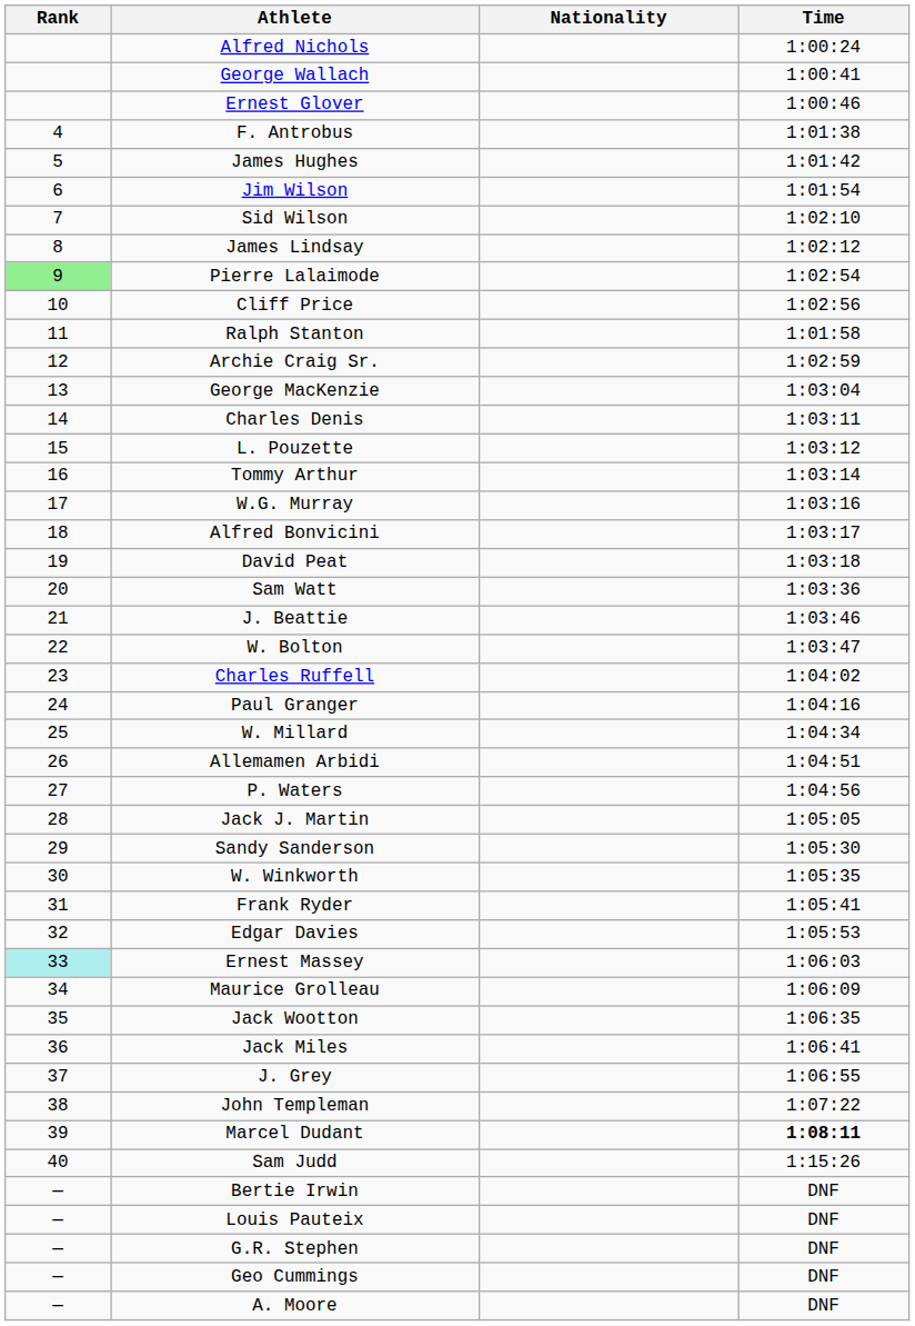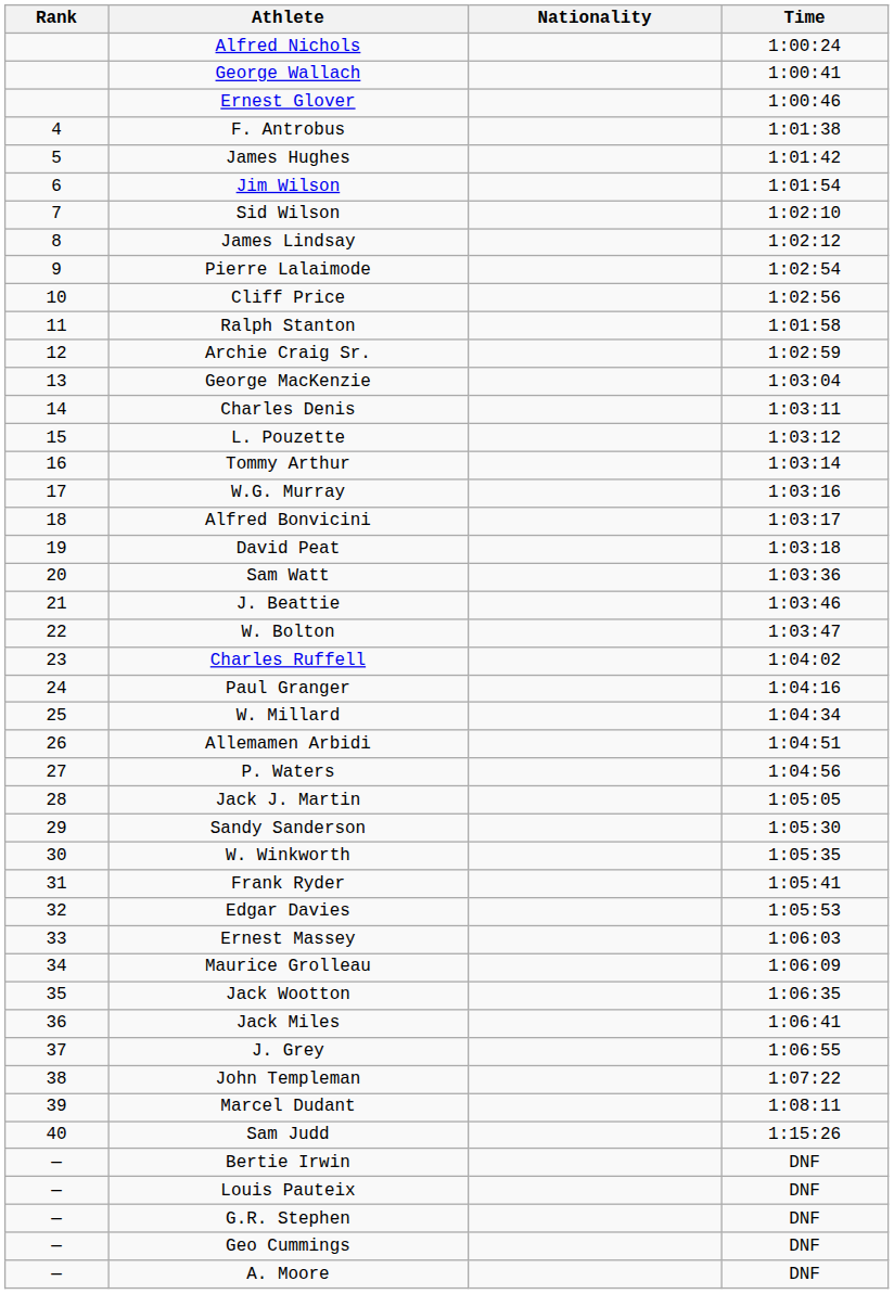 <table class="wikitable sortable" style=" text-align:center; font-size:95%;" width="50%">
 <tr>
 <th>Rank</th>
 <th>Athlete</th>
 <th>Nationality</th>
 <th>Time</th>
 </tr>
 <tr>
 <td align=center></td>
 <td><a href='#'>Alfred Nichols</a></td>
 <td></td>
 <td>1:00:24</td>
 </tr>
 <tr>
 <td align=center></td>
 <td><a href='#'>George Wallach</a></td>
 <td></td>
 <td>1:00:41</td>
 </tr>
 <tr>
 <td align=center></td>
 <td><a href='#'>Ernest Glover</a></td>
 <td></td>
 <td>1:00:46</td>
 </tr>
 <tr>
 <td align=center>4</td>
 <td>F. Antrobus</td>
 <td></td>
 <td>1:01:38</td>
 </tr>
 <tr>
 <td align=center>5</td>
 <td>James Hughes</td>
 <td></td>
 <td>1:01:42</td>
 </tr>
 <tr>
 <td align=center>6</td>
 <td><a href='#'>Jim Wilson</a></td>
 <td></td>
 <td>1:01:54</td>
 </tr>
 <tr>
 <td align=center>7</td>
 <td>Sid Wilson</td>
 <td></td>
 <td>1:02:10</td>
 </tr>
 <tr>
 <td align=center>8</td>
 <td>James Lindsay</td>
 <td></td>
 <td>1:02:12</td>
 </tr>
 <tr>
-<td align=center style="background: lightgreen;">9</td>
+<td align=center>9</td>
 <td>Pierre Lalaimode</td>
 <td></td>
 <td>1:02:54</td>
 </tr>
 <tr>
 <td align=center>10</td>
 <td>Cliff Price</td>
 <td></td>
 <td>1:02:56</td>
 </tr>
 <tr>
 <td align=center>11</td>
 <td>Ralph Stanton</td>
 <td></td>
 <td>1:01:58</td>
 </tr>
 <tr>
 <td align=center>12</td>
 <td>Archie Craig Sr.</td>
 <td></td>
 <td>1:02:59</td>
 </tr>
 <tr>
 <td align=center>13</td>
 <td>George MacKenzie</td>
 <td></td>
 <td>1:03:04</td>
 </tr>
 <tr>
 <td align=center>14</td>
 <td>Charles Denis</td>
 <td></td>
 <td>1:03:11</td>
 </tr>
 <tr>
 <td align=center>15</td>
 <td>L. Pouzette</td>
 <td></td>
 <td>1:03:12</td>
 </tr>
 <tr>
 <td align=center>16</td>
 <td>Tommy Arthur</td>
 <td></td>
 <td>1:03:14</td>
 </tr>
 <tr>
 <td align=center>17</td>
 <td>W.G. Murray</td>
 <td></td>
 <td>1:03:16</td>
 </tr>
 <tr>
 <td align=center>18</td>
 <td>Alfred Bonvicini</td>
 <td></td>
 <td>1:03:17</td>
 </tr>
 <tr>
 <td align=center>19</td>
 <td>David Peat</td>
 <td></td>
 <td>1:03:18</td>
 </tr>
 <tr>
 <td align=center>20</td>
 <td>Sam Watt</td>
 <td></td>
 <td>1:03:36</td>
 </tr>
 <tr>
 <td align=center>21</td>
 <td>J. Beattie</td>
 <td></td>
 <td>1:03:46</td>
 </tr>
 <tr>
 <td align=center>22</td>
 <td>W. Bolton</td>
 <td></td>
 <td>1:03:47</td>
 </tr>
 <tr>
 <td align=center>23</td>
 <td><a href='#'>Charles Ruffell</a></td>
 <td></td>
 <td>1:04:02</td>
 </tr>
 <tr>
 <td align=center>24</td>
 <td>Paul Granger</td>
 <td></td>
 <td>1:04:16</td>
 </tr>
 <tr>
 <td align=center>25</td>
 <td>W. Millard</td>
 <td></td>
 <td>1:04:34</td>
 </tr>
 <tr>
 <td align=center>26</td>
 <td>Allemamen Arbidi</td>
 <td></td>
 <td>1:04:51</td>
 </tr>
 <tr>
 <td align=center>27</td>
 <td>P. Waters</td>
 <td></td>
 <td>1:04:56</td>
 </tr>
 <tr>
 <td align=center>28</td>
 <td>Jack J. Martin</td>
 <td></td>
 <td>1:05:05</td>
 </tr>
 <tr>
 <td align=center>29</td>
 <td>Sandy Sanderson</td>
 <td></td>
 <td>1:05:30</td>
 </tr>
 <tr>
 <td align=center>30</td>
 <td>W. Winkworth</td>
 <td></td>
 <td>1:05:35</td>
 </tr>
 <tr>
 <td align=center>31</td>
 <td>Frank Ryder</td>
 <td></td>
 <td>1:05:41</td>
 </tr>
 <tr>
 <td align=center>32</td>
 <td>Edgar Davies</td>
 <td></td>
 <td>1:05:53</td>
 </tr>
 <tr>
-<td align=center style="background: paleturquoise;">33</td>
+<td align=center>33</td>
 <td>Ernest Massey</td>
 <td></td>
 <td>1:06:03</td>
 </tr>
 <tr>
 <td align=center>34</td>
 <td>Maurice Grolleau</td>
 <td></td>
 <td>1:06:09</td>
 </tr>
 <tr>
 <td align=center>35</td>
 <td>Jack Wootton</td>
 <td></td>
 <td>1:06:35</td>
 </tr>
 <tr>
 <td align=center>36</td>
 <td>Jack Miles</td>
 <td></td>
 <td>1:06:41</td>
 </tr>
 <tr>
 <td align=center>37</td>
 <td>J. Grey</td>
 <td></td>
 <td>1:06:55</td>
 </tr>
 <tr>
 <td align=center>38</td>
 <td>John Templeman</td>
 <td></td>
 <td>1:07:22</td>
 </tr>
 <tr>
 <td align=center>39</td>
 <td>Marcel Dudant</td>
 <td></td>
-<td><strong>1:08:11</strong></td>
+<td>1:08:11</td>
 </tr>
 <tr>
 <td align=center>40</td>
 <td>Sam Judd</td>
 <td></td>
 <td>1:15:26</td>
 </tr>
 <tr>
 <td align=center>—</td>
 <td>Bertie Irwin</td>
 <td></td>
 <td>DNF</td>
 </tr>
 <tr>
 <td align=center>—</td>
 <td>Louis Pauteix</td>
 <td></td>
 <td>DNF</td>
 </tr>
 <tr>
 <td align=center>—</td>
 <td>G.R. Stephen</td>
 <td></td>
 <td>DNF</td>
 </tr>
 <tr>
 <td align=center>—</td>
 <td>Geo Cummings</td>
 <td></td>
 <td>DNF</td>
 </tr>
 <tr>
 <td align=center>—</td>
 <td>A. Moore</td>
 <td></td>
 <td>DNF</td>
 </tr>
 </table>
